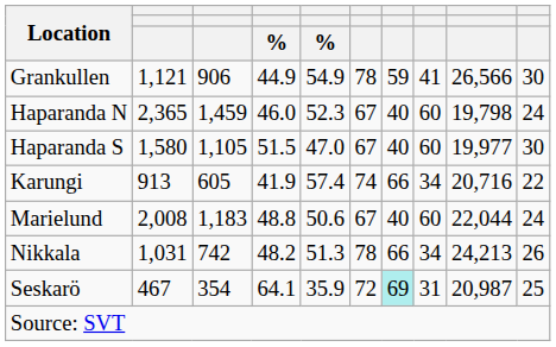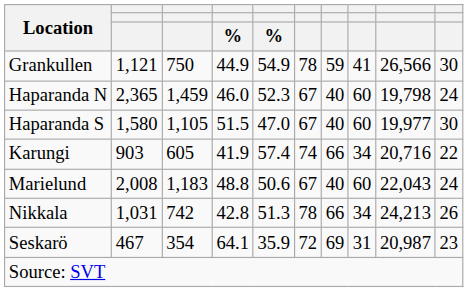 <table role="presentation" class="wikitable sortable mw-collapsible">
 <tr>
 <th rowspan="3">Location</th>
 <th></th>
 <th></th>
 <th></th>
 <th></th>
 <th></th>
 <th></th>
 <th></th>
 <th></th>
 <th></th>
 </tr>
 <tr>
 <th></th>
 <th></th>
 <th style="background:"></th>
 <th style="background:"></th>
 <th></th>
 <th></th>
 <th></th>
 <th></th>
 <th></th>
 </tr>
 <tr>
 <th data-sort-type="number"></th>
 <th data-sort-type="number"></th>
 <th data-sort-type="number">%</th>
 <th data-sort-type="number">%</th>
 <th data-sort-type="number"></th>
 <th data-sort-type="number"></th>
 <th data-sort-type="number"></th>
 <th data-sort-type="number"></th>
 <th data-sort-type="number"></th>
 </tr>
 <tr>
 <td align="left">Grankullen</td>
 <td>1,121</td>
-<td>906</td>
+<td>750</td>
 <td>44.9</td>
 <td>54.9</td>
 <td>78</td>
 <td>59</td>
 <td>41</td>
 <td>26,566</td>
 <td>30</td>
 </tr>
 <tr>
 <td align="left">Haparanda N</td>
 <td>2,365</td>
 <td>1,459</td>
 <td>46.0</td>
 <td>52.3</td>
 <td>67</td>
 <td>40</td>
 <td>60</td>
 <td>19,798</td>
 <td>24</td>
 </tr>
 <tr>
 <td align="left">Haparanda S</td>
 <td>1,580</td>
 <td>1,105</td>
 <td>51.5</td>
 <td>47.0</td>
 <td>67</td>
 <td>40</td>
 <td>60</td>
 <td>19,977</td>
 <td>30</td>
 </tr>
 <tr>
 <td align="left">Karungi</td>
-<td>913</td>
+<td>903</td>
 <td>605</td>
 <td>41.9</td>
 <td>57.4</td>
 <td>74</td>
 <td>66</td>
 <td>34</td>
 <td>20,716</td>
 <td>22</td>
 </tr>
 <tr>
 <td align="left">Marielund</td>
 <td>2,008</td>
 <td>1,183</td>
 <td>48.8</td>
 <td>50.6</td>
 <td>67</td>
 <td>40</td>
 <td>60</td>
-<td>22,044</td>
+<td>22,043</td>
 <td>24</td>
 </tr>
 <tr>
 <td align="left">Nikkala</td>
 <td>1,031</td>
 <td>742</td>
-<td>48.2</td>
+<td>42.8</td>
 <td>51.3</td>
 <td>78</td>
 <td>66</td>
 <td>34</td>
 <td>24,213</td>
 <td>26</td>
 </tr>
 <tr>
 <td align="left">Seskarö</td>
 <td>467</td>
 <td>354</td>
 <td>64.1</td>
 <td>35.9</td>
 <td>72</td>
-<td style="background: paleturquoise;">69</td>
+<td>69</td>
 <td>31</td>
 <td>20,987</td>
-<td>25</td>
+<td>23</td>
 </tr>
 <tr>
 <td colspan="10" align="left">Source: <a href='#'>SVT</a></td>
 </tr>
 </table>
